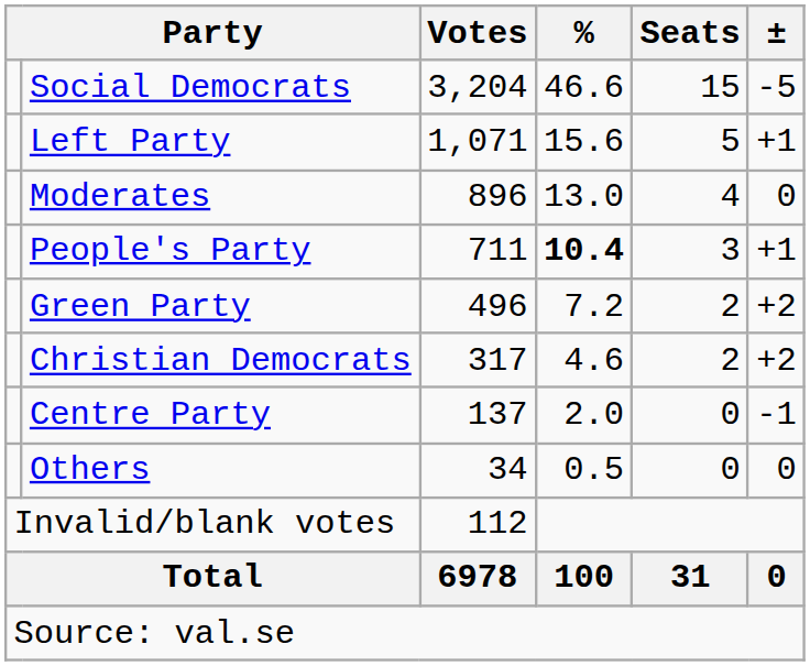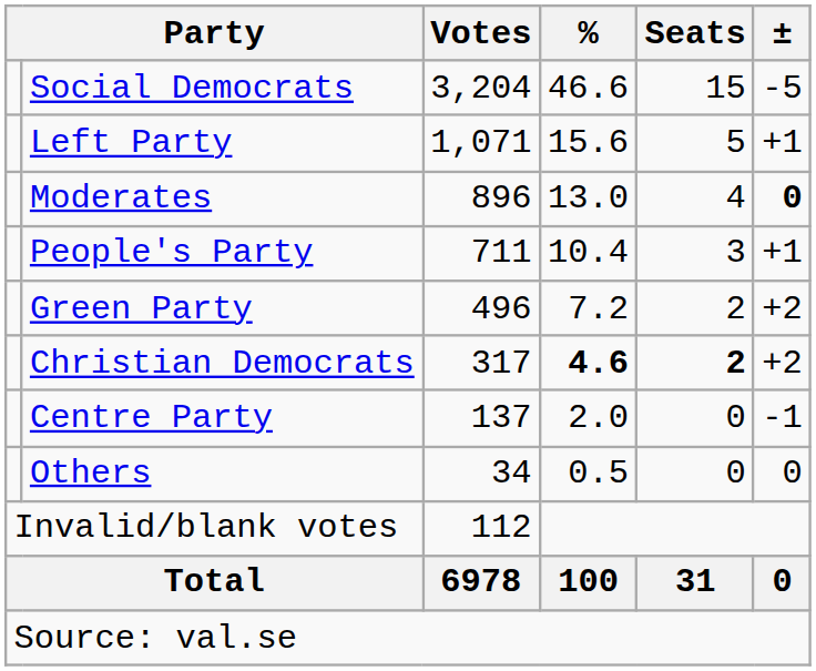 <table class=wikitable style=text-align:right>
 <tr>
 <th colspan=2>Party</th>
 <th>Votes</th>
 <th>%</th>
 <th>Seats</th>
 <th>±</th>
 </tr>
 <tr>
 <td bgcolor=></td>
 <td align=left><a href='#'>Social Democrats</a></td>
 <td>3,204</td>
 <td>46.6</td>
 <td>15</td>
 <td>-5</td>
 </tr>
 <tr>
 <td bgcolor=></td>
 <td align=left><a href='#'>Left Party</a></td>
 <td>1,071</td>
 <td>15.6</td>
 <td>5</td>
 <td>+1</td>
 </tr>
 <tr>
 <td bgcolor=></td>
 <td align=left><a href='#'>Moderates</a></td>
 <td>896</td>
 <td>13.0</td>
 <td>4</td>
-<td>0</td>
+<td><strong>0</strong></td>
 </tr>
 <tr>
 <td bgcolor=></td>
 <td align=left><a href='#'>People's Party</a></td>
 <td>711</td>
-<td><strong>10.4</strong></td>
+<td>10.4</td>
 <td>3</td>
 <td>+1</td>
 </tr>
 <tr>
 <td bgcolor=></td>
 <td align=left><a href='#'>Green Party</a></td>
 <td>496</td>
 <td>7.2</td>
 <td>2</td>
 <td>+2</td>
 </tr>
 <tr>
 <td bgcolor=></td>
 <td align=left><a href='#'>Christian Democrats</a></td>
 <td>317</td>
-<td>4.6</td>
-<td>2</td>
+<td><strong>4.6</strong></td>
+<td><strong>2</strong></td>
 <td>+2</td>
 </tr>
 <tr>
 <td bgcolor=></td>
 <td align=left><a href='#'>Centre Party</a></td>
 <td>137</td>
 <td>2.0</td>
 <td>0</td>
 <td>-1</td>
 </tr>
 <tr>
 <td></td>
 <td align=left><a href='#'>Others</a></td>
 <td>34</td>
 <td>0.5</td>
 <td>0</td>
 <td>0</td>
 </tr>
 <tr>
 <td align=left colspan=2>Invalid/blank votes</td>
 <td>112</td>
 <td colspan=3></td>
 </tr>
 <tr>
 <th align=left colspan=2>Total</th>
 <th>6978</th>
 <th>100</th>
 <th>31</th>
 <th>0</th>
 </tr>
 <tr>
 <td align=left colspan=6>Source: val.se </td>
 </tr>
 </table>
